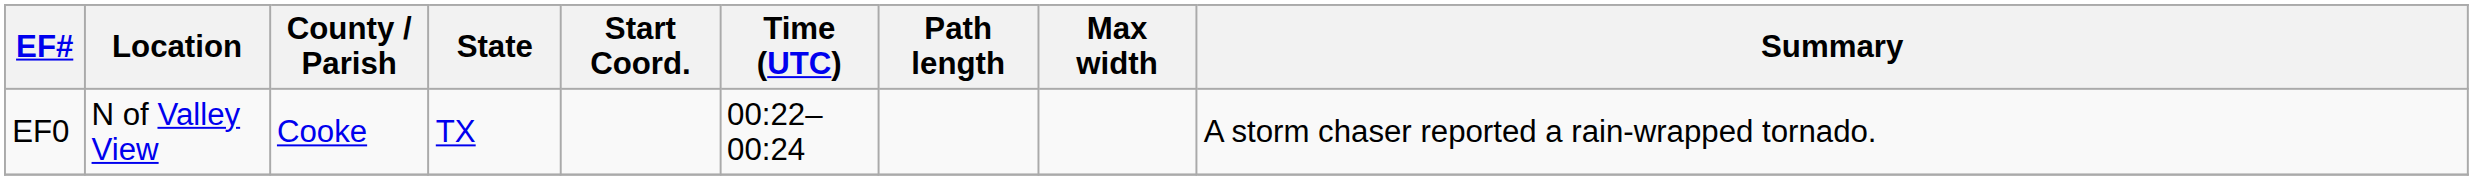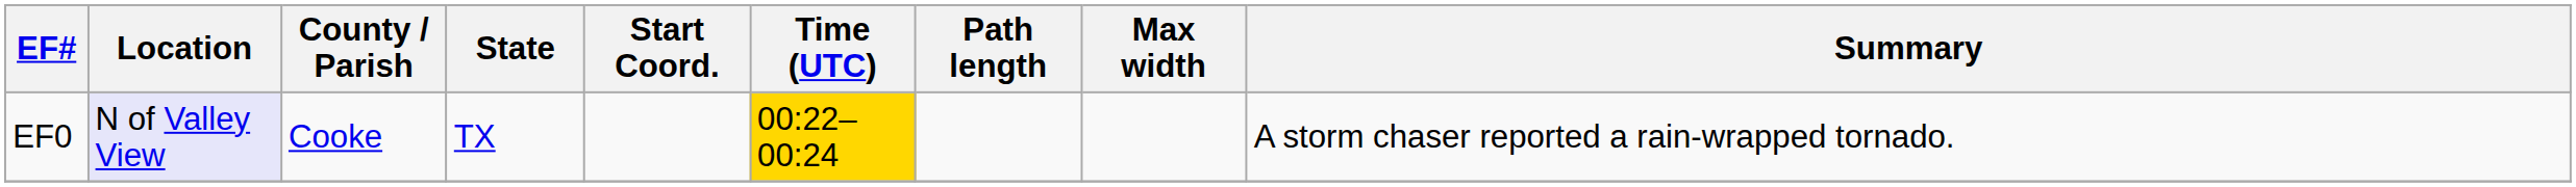 <table class="wikitable sortable" style="width:100%;">
 <tr>
 <th scope="col"  style="width:3%; text-align:center;"><a href='#'>EF#</a></th>
 <th scope="col"  style="width:7%; text-align:center;" class="unsortable">Location</th>
 <th scope="col"  style="width:6%; text-align:center;" class="unsortable">County / Parish</th>
 <th scope="col"  style="width:5%; text-align:center;">State</th>
 <th scope="col"  style="width:6%; text-align:center;">Start Coord.</th>
 <th scope="col"  style="width:6%; text-align:center;">Time (<a href='#'>UTC</a>)</th>
 <th scope="col"  style="width:6%; text-align:center;">Path length</th>
 <th scope="col"  style="width:6%; text-align:center;">Max width</th>
 <th scope="col" class="unsortable" style="width:48%; text-align:center;">Summary</th>
 </tr>
 <tr>
 <td>EF0</td>
-<td>N of <a href='#'>Valley View</a></td>
+<td style="background: lavender;">N of <a href='#'>Valley View</a></td>
 <td><a href='#'>Cooke</a></td>
 <td><a href='#'>TX</a></td>
 <td></td>
-<td>00:22–00:24</td>
+<td style="background: gold;">00:22–00:24</td>
 <td></td>
 <td></td>
 <td>A storm chaser reported a rain-wrapped tornado.</td>
 </tr>
 <tr>
 </tr>
 </table>
